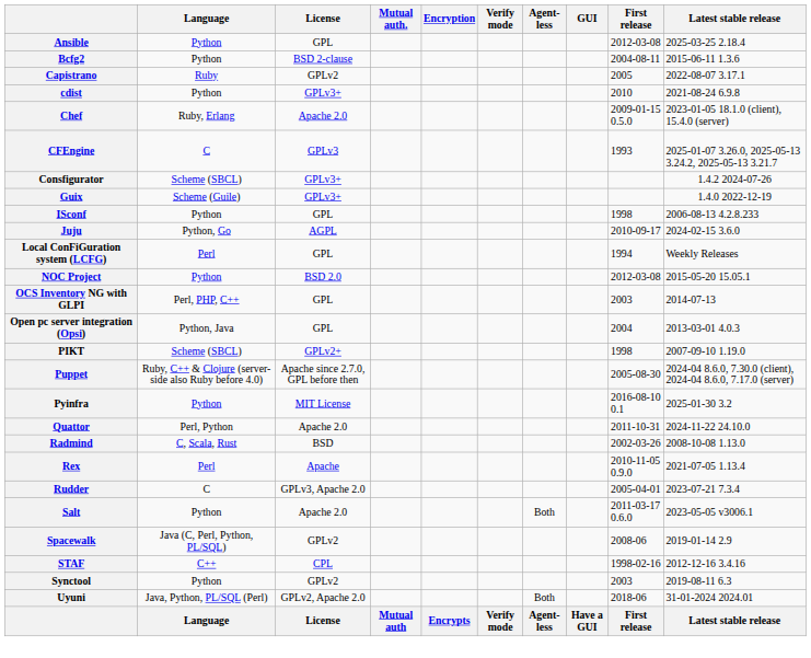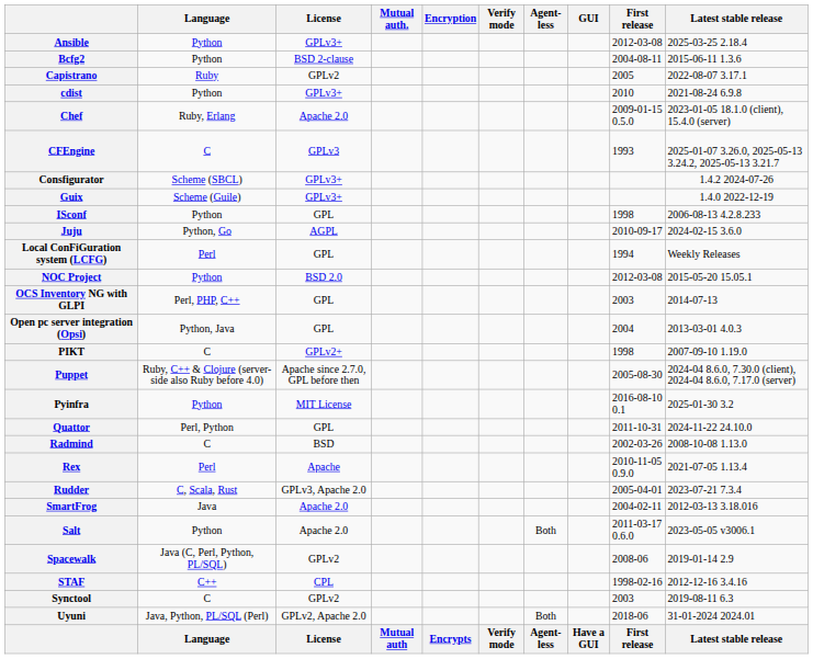 <table class="wikitable sortable" style="text-align: center; width: 95%">
 <tr>
 <th style="width:12em"></th>
 <th>Language</th>
 <th>License</th>
 <th><a href='#'>Mutual auth.</a></th>
 <th><a href='#'>Encryption</a></th>
 <th>Verify mode</th>
 <th>Agent-less</th>
 <th> GUI</th>
 <th>First release</th>
 <th>Latest stable release</th>
 </tr>
 <tr>
 <th><a href='#'>Ansible</a></th>
 <td><a href='#'>Python</a></td>
-<td>GPL</td>
+<td><a href='#'>GPLv3+</a></td>
 <td></td>
 <td></td>
 <td></td>
 <td></td>
 <td></td>
 <td style="text-align:left;">2012-03-08</td>
 <td style="text-align:left;">2025-03-25 2.18.4</td>
 </tr>
 <tr>
 <th><a href='#'>Bcfg2</a></th>
 <td>Python</td>
 <td><a href='#'>BSD 2-clause</a></td>
 <td></td>
 <td></td>
 <td></td>
 <td></td>
 <td></td>
 <td style="text-align:left;">2004-08-11</td>
 <td style="text-align:left;">2015-06-11 1.3.6</td>
 </tr>
 <tr>
 <th><a href='#'>Capistrano</a></th>
 <td><a href='#'>Ruby</a></td>
 <td>GPLv2</td>
 <td></td>
 <td></td>
 <td></td>
 <td></td>
 <td></td>
 <td style="text-align:left;">2005</td>
 <td style="text-align:left;">2022-08-07 3.17.1</td>
 </tr>
 <tr>
 <th><a href='#'>cdist</a></th>
 <td>Python</td>
 <td><a href='#'>GPLv3+</a></td>
 <td></td>
 <td></td>
 <td></td>
 <td></td>
 <td></td>
 <td style="text-align:left;">2010</td>
 <td style="text-align:left;">2021-08-24 6.9.8</td>
 </tr>
 <tr>
 <th><a href='#'>Chef</a></th>
 <td>Ruby, <a href='#'>Erlang</a></td>
 <td><a href='#'>Apache 2.0</a></td>
 <td></td>
 <td></td>
 <td></td>
 <td></td>
 <td></td>
 <td style="text-align:left;">2009-01-15 0.5.0</td>
 <td style="text-align:left;">2023-01-05 18.1.0 (client), 15.4.0 (server)</td>
 </tr>
 <tr>
 <th><a href='#'>CFEngine</a></th>
 <td><a href='#'>C</a></td>
 <td><a href='#'>GPLv3</a></td>
 <td></td>
 <td></td>
 <td></td>
 <td></td>
 <td></td>
 <td style="text-align:left;">1993</td>
 <td style="text-align:left;"><br>2025-01-07 3.26.0, 2025-05-13 3.24.2, 2025-05-13 3.21.7</td>
 </tr>
 <tr>
 <th>Consfigurator</th>
 <td><a href='#'>Scheme</a> (<a href='#'>SBCL</a>)</td>
 <td><a href='#'>GPLv3+</a></td>
 <td></td>
 <td></td>
 <td></td>
 <td></td>
 <td></td>
 <td></td>
 <td>1.4.2 2024-07-26</td>
 </tr>
 <tr>
 <th><a href='#'>Guix</a></th>
 <td><a href='#'>Scheme</a> (<a href='#'>Guile</a>)</td>
 <td><a href='#'>GPLv3+</a></td>
 <td></td>
 <td></td>
 <td></td>
 <td></td>
 <td></td>
 <td></td>
 <td>1.4.0 2022-12-19</td>
 </tr>
 <tr>
 <th><a href='#'>ISconf</a></th>
 <td>Python</td>
 <td>GPL</td>
 <td></td>
 <td></td>
 <td></td>
 <td></td>
 <td></td>
 <td style="text-align:left;">1998</td>
 <td style="text-align:left;">2006-08-13 4.2.8.233</td>
 </tr>
 <tr>
 <th><a href='#'>Juju</a></th>
 <td>Python, <a href='#'>Go</a></td>
 <td><a href='#'>AGPL</a></td>
 <td></td>
 <td></td>
 <td></td>
 <td></td>
 <td></td>
 <td style="text-align:left;">2010-09-17</td>
 <td style="text-align:left;">2024-02-15 3.6.0</td>
 </tr>
 <tr>
 <th>Local ConFiGuration system (<a href='#'>LCFG</a>)</th>
 <td><a href='#'>Perl</a></td>
 <td>GPL</td>
 <td></td>
 <td></td>
 <td></td>
 <td></td>
 <td></td>
 <td style="text-align:left;">1994</td>
 <td style="text-align:left;">Weekly Releases</td>
 </tr>
 <tr>
 <th><a href='#'>NOC Project</a></th>
 <td><a href='#'>Python</a></td>
 <td><a href='#'>BSD 2.0</a></td>
 <td></td>
 <td></td>
 <td></td>
 <td></td>
 <td></td>
 <td style="text-align:left;">2012-03-08</td>
 <td style="text-align:left;">2015-05-20 15.05.1</td>
 </tr>
 <tr>
 <th><a href='#'>OCS Inventory</a> NG with GLPI</th>
 <td>Perl, <a href='#'>PHP</a>, <a href='#'>C++</a></td>
 <td>GPL</td>
 <td></td>
 <td></td>
 <td></td>
 <td></td>
 <td></td>
 <td style="text-align:left;">2003</td>
 <td style="text-align:left;">2014-07-13</td>
 </tr>
 <tr>
 <th>Open pc server integration (<a href='#'>Opsi</a>)</th>
 <td>Python, Java</td>
 <td>GPL</td>
 <td></td>
 <td></td>
 <td></td>
 <td></td>
 <td></td>
 <td style="text-align:left;">2004</td>
 <td style="text-align:left;">2013-03-01 4.0.3</td>
 </tr>
 <tr>
 <th>PIKT</th>
-<td><a href='#'>Scheme</a> (<a href='#'>SBCL</a>)</td>
+<td>C</td>
 <td><a href='#'>GPLv2+</a></td>
 <td></td>
 <td></td>
 <td></td>
 <td></td>
 <td></td>
 <td style="text-align:left;">1998</td>
 <td style="text-align:left;">2007-09-10 1.19.0</td>
 </tr>
 <tr>
 <th><a href='#'>Puppet</a></th>
 <td>Ruby, <a href='#'>C++</a> & <a href='#'>Clojure</a> (server-side also Ruby before 4.0)</td>
 <td>Apache since 2.7.0, GPL before then</td>
 <td></td>
 <td></td>
 <td></td>
 <td></td>
 <td></td>
 <td style="text-align:left;">2005-08-30</td>
 <td style="text-align:left;">2024-04 8.6.0, 7.30.0 (client), 2024-04 8.6.0, 7.17.0 (server)</td>
 </tr>
 <tr>
 <th>Pyinfra</th>
 <td><a href='#'>Python</a></td>
 <td><a href='#'>MIT License</a></td>
 <td></td>
 <td></td>
 <td></td>
 <td></td>
 <td></td>
 <td style="text-align:left;">2016-08-10 0.1</td>
 <td style="text-align:left;">2025-01-30 3.2</td>
 </tr>
 <tr>
 <th><a href='#'>Quattor</a></th>
 <td>Perl, Python</td>
-<td>Apache 2.0</td>
+<td>GPL</td>
 <td></td>
 <td></td>
 <td></td>
 <td></td>
 <td></td>
 <td style="text-align:left;">2011-10-31</td>
 <td style="text-align:left;">2024-11-22 24.10.0</td>
 </tr>
 <tr>
 <th><a href='#'>Radmind</a></th>
-<td><a href='#'>C</a>, <a href='#'>Scala</a>, <a href='#'>Rust</a></td>
+<td>C</td>
 <td>BSD</td>
 <td></td>
 <td></td>
 <td></td>
 <td></td>
 <td></td>
 <td style="text-align:left;">2002-03-26</td>
 <td style="text-align:left;">2008-10-08 1.13.0</td>
 </tr>
 <tr>
 <th><a href='#'>Rex</a></th>
 <td><a href='#'>Perl</a></td>
 <td><a href='#'>Apache</a></td>
 <td></td>
 <td></td>
 <td></td>
 <td></td>
 <td></td>
 <td style="text-align:left;">2010-11-05 0.9.0</td>
 <td style="text-align:left;">2021-07-05 1.13.4</td>
 </tr>
 <tr>
 <th><a href='#'>Rudder</a></th>
-<td>C</td>
+<td><a href='#'>C</a>, <a href='#'>Scala</a>, <a href='#'>Rust</a></td>
 <td>GPLv3, Apache 2.0</td>
 <td></td>
 <td></td>
 <td></td>
 <td></td>
 <td></td>
 <td style="text-align:left;">2005-04-01</td>
 <td style="text-align:left;">2023-07-21 7.3.4 </td>
+</tr>
+<tr>
+<th><a href='#'>SmartFrog</a></th>
+<td>Java</td>
+<td><a href='#'>Apache 2.0</a></td>
+<td></td>
+<td></td>
+<td></td>
+<td></td>
+<td></td>
+<td style="text-align:left;">2004-02-11</td>
+<td style="text-align:left;">2012-03-13 3.18.016</td>
 </tr>
 <tr>
 <th><a href='#'>Salt</a></th>
 <td>Python</td>
 <td>Apache 2.0</td>
 <td></td>
 <td></td>
 <td></td>
 <td>Both</td>
 <td></td>
 <td style="text-align:left;">2011-03-17 0.6.0</td>
 <td style="text-align:left;">2023-05-05 v3006.1</td>
 </tr>
 <tr>
 <th><a href='#'>Spacewalk</a></th>
 <td>Java (C, Perl, Python, <a href='#'>PL/SQL</a>)</td>
 <td>GPLv2</td>
 <td></td>
 <td></td>
 <td></td>
 <td></td>
 <td></td>
 <td style="text-align:left;">2008-06</td>
 <td style="text-align:left;">2019-01-14 2.9</td>
 </tr>
 <tr>
 <th><a href='#'>STAF</a></th>
 <td><a href='#'>C++</a></td>
 <td><a href='#'>CPL</a></td>
 <td></td>
 <td></td>
 <td></td>
 <td></td>
 <td></td>
 <td style="text-align:left;">1998-02-16</td>
 <td style="text-align:left;">2012-12-16 3.4.16 </td>
 </tr>
 <tr>
 <th>Synctool</th>
-<td>Python</td>
+<td>C</td>
 <td>GPLv2</td>
 <td></td>
 <td></td>
 <td></td>
 <td></td>
 <td></td>
 <td style="text-align:left;">2003</td>
 <td style="text-align:left;">2019-08-11 6.3</td>
 </tr>
 <tr>
 <th>Uyuni</th>
 <td>Java, Python, <a href='#'>PL/SQL</a> (Perl)</td>
 <td>GPLv2, Apache 2.0</td>
 <td></td>
 <td></td>
 <td></td>
 <td>Both</td>
 <td></td>
 <td style="text-align:left;">2018-06</td>
 <td style="text-align:left;">31-01-2024 2024.01</td>
 </tr>
 <tr>
 <th style="width:12em"></th>
 <th>Language</th>
 <th>License</th>
 <th><a href='#'>Mutual auth</a></th>
 <th><a href='#'>Encrypts</a></th>
 <th>Verify mode</th>
 <th>Agent-less</th>
 <th>Have a GUI</th>
 <th>First release</th>
 <th>Latest stable release</th>
 </tr>
 </table>
